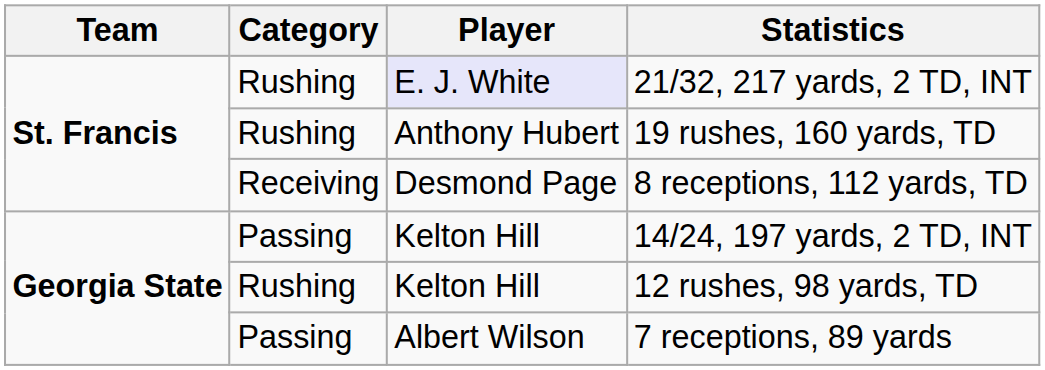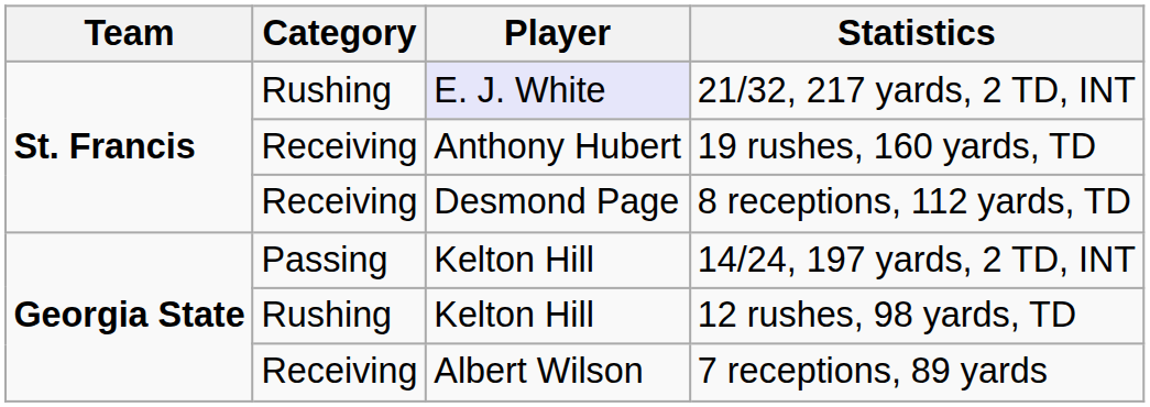 <table class="wikitable" style="float: left;">
 <tr>
 <th>Team</th>
 <th>Category</th>
 <th>Player</th>
 <th>Statistics</th>
 </tr>
 <tr>
 <td rowspan=3><strong>St. Francis</strong></td>
 <td>Rushing</td>
 <td style="background: lavender;">E. J. White</td>
 <td>21/32, 217 yards, 2 TD, INT</td>
 </tr>
 <tr>
-<td>Rushing</td>
+<td>Receiving</td>
 <td>Anthony Hubert</td>
 <td>19 rushes, 160 yards, TD</td>
 </tr>
 <tr>
 <td>Receiving</td>
 <td>Desmond Page</td>
 <td>8 receptions, 112 yards, TD</td>
 </tr>
 <tr>
 <td rowspan=3><strong>Georgia State</strong></td>
 <td>Passing</td>
 <td>Kelton Hill</td>
 <td>14/24, 197 yards, 2 TD, INT</td>
 </tr>
 <tr>
 <td>Rushing</td>
 <td>Kelton Hill</td>
 <td>12 rushes, 98 yards, TD</td>
 </tr>
 <tr>
-<td>Passing</td>
+<td>Receiving</td>
 <td>Albert Wilson</td>
 <td>7 receptions, 89 yards</td>
 </tr>
 </table>
